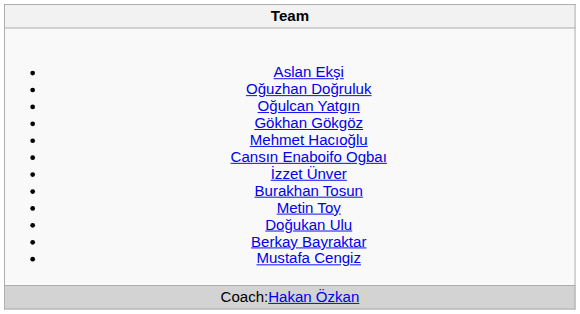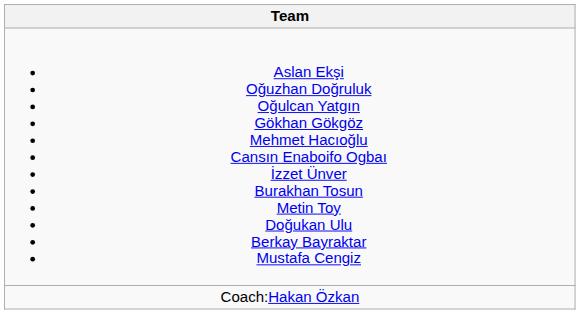 <table class="wikitable" style="text-align: center;">
 <tr>
 <th width=600>Team</th>
 </tr>
 <tr>
 <td><br><ul><li><a href='#'>Aslan Ekşi</a></li><li><a href='#'>Oğuzhan Doğruluk</a></li><li><a href='#'>Oğulcan Yatgın</a></li><li><a href='#'>Gökhan Gökgöz</a></li><li><a href='#'>Mehmet Hacıoğlu</a></li><li><a href='#'>Cansın Enaboifo Ogbaı</a></li><li><a href='#'>İzzet Ünver</a></li><li><a href='#'>Burakhan Tosun</a></li><li><a href='#'>Metin Toy</a></li><li><a href='#'>Doğukan Ulu</a></li><li><a href='#'>Berkay Bayraktar</a></li><li><a href='#'>Mustafa Cengiz</a></li></ul></td>
 </tr>
 <tr>
-<td style="background: lightgrey;">Coach:<a href='#'>Hakan Özkan</a></td>
+<td>Coach:<a href='#'>Hakan Özkan</a></td>
 </tr>
 </table>
